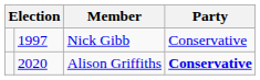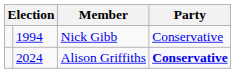 <table class="wikitable">
 <tr>
 <th colspan="2">Election</th>
 <th>Member</th>
 <th>Party</th>
 </tr>
 <tr>
 <td style="color:inherit;background-color: "></td>
-<td><a href='#'>1997</a></td>
+<td><a href='#'>1994</a></td>
 <td><a href='#'>Nick Gibb</a></td>
 <td><a href='#'>Conservative</a></td>
 </tr>
 <tr>
 <td style="color:inherit;background-color: "></td>
-<td><a href='#'>2020</a></td>
+<td><a href='#'>2024</a></td>
 <td><a href='#'>Alison Griffiths</a></td>
 <td><strong><a href='#'>Conservative</a></strong></td>
 </tr>
 </table>
